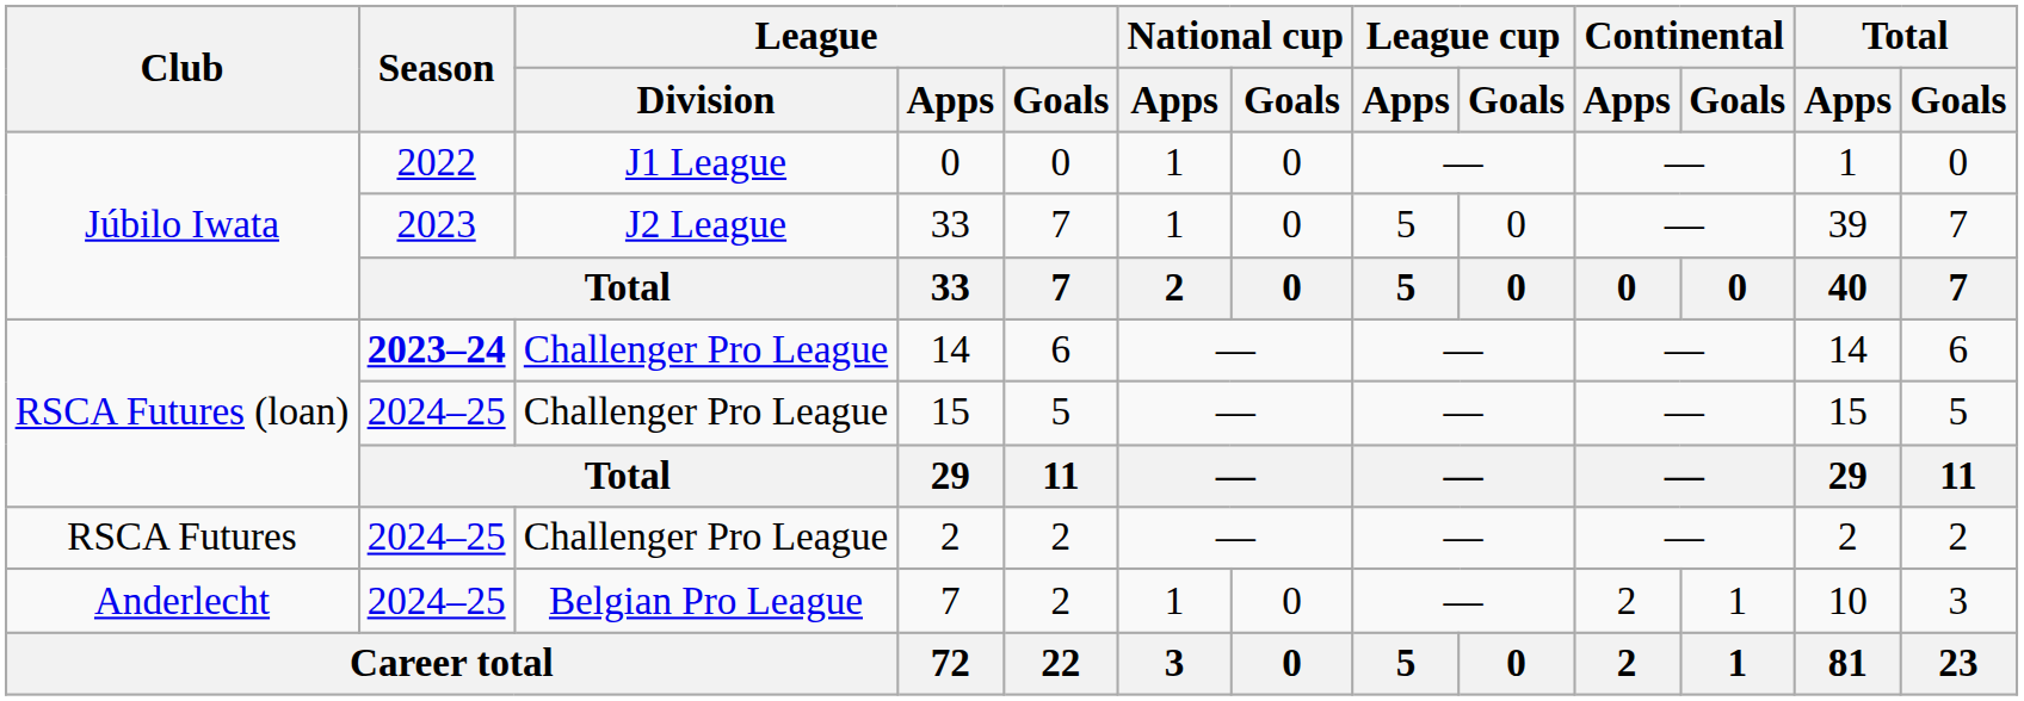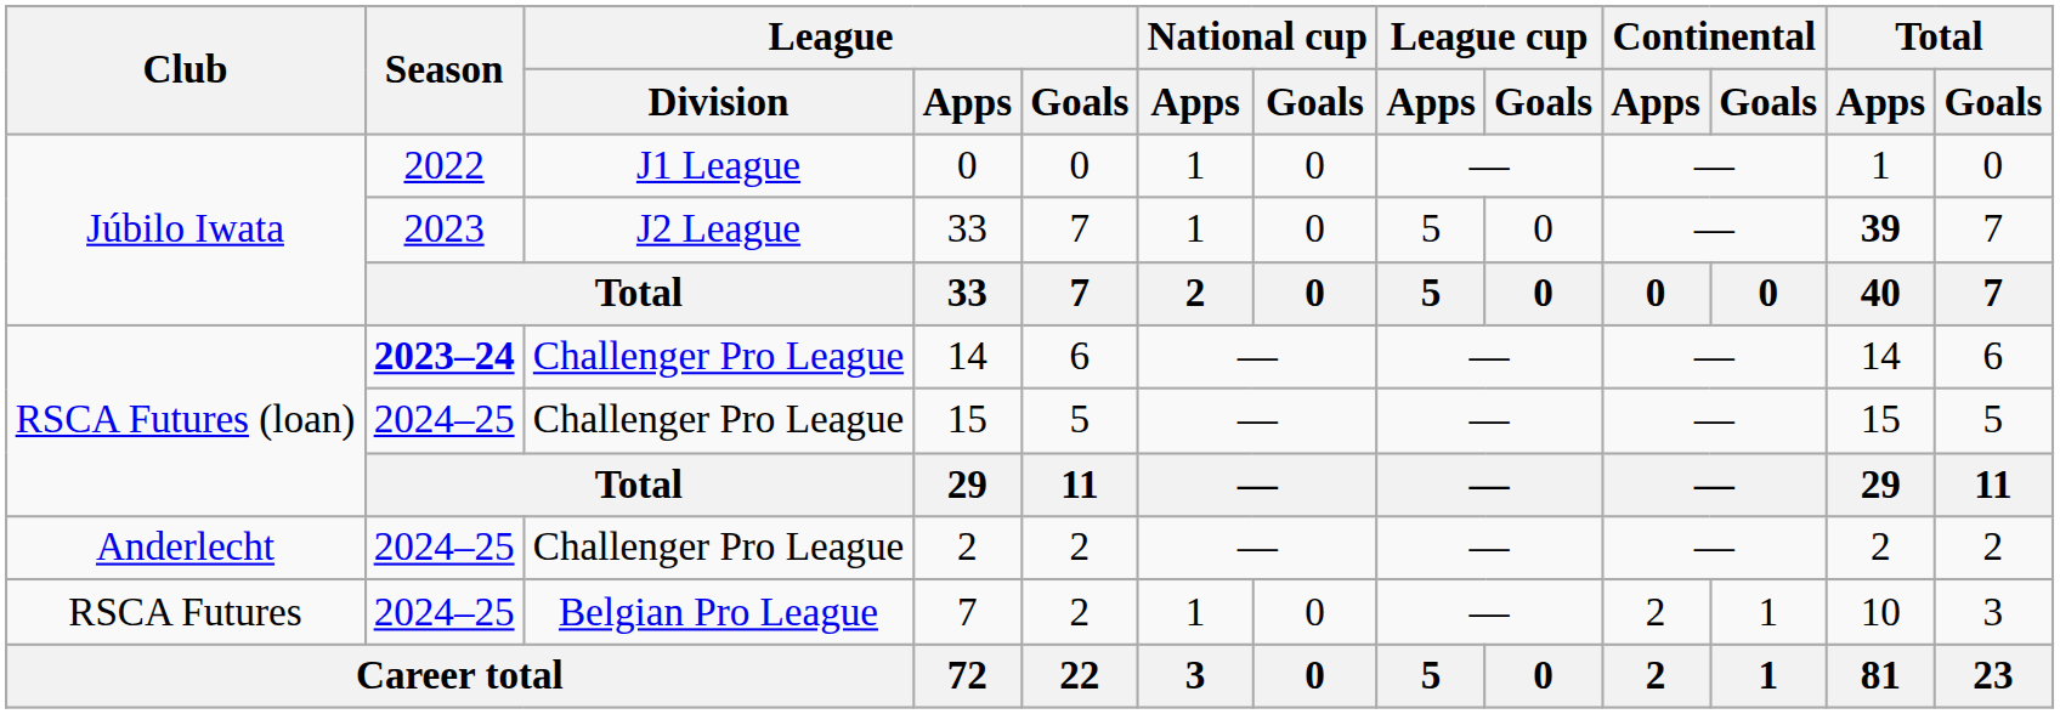 <table class=wikitable style=text-align:center>
 <tr>
 <th rowspan=2>Club</th>
 <th rowspan=2>Season</th>
 <th colspan=3>League</th>
 <th colspan=2>National cup</th>
 <th colspan=2>League cup</th>
 <th colspan=2>Continental</th>
 <th colspan=2>Total</th>
 </tr>
 <tr>
 <th>Division</th>
 <th>Apps</th>
 <th>Goals</th>
 <th>Apps</th>
 <th>Goals</th>
 <th>Apps</th>
 <th>Goals</th>
 <th>Apps</th>
 <th>Goals</th>
 <th>Apps</th>
 <th>Goals</th>
 </tr>
 <tr>
 <td rowspan=3><a href='#'>Júbilo Iwata</a></td>
 <td><a href='#'>2022</a></td>
 <td><a href='#'>J1 League</a></td>
 <td>0</td>
 <td>0</td>
 <td>1</td>
 <td>0</td>
 <td colspan="2">—</td>
 <td colspan="2">—</td>
 <td>1</td>
 <td>0</td>
 </tr>
 <tr>
 <td><a href='#'>2023</a></td>
 <td><a href='#'>J2 League</a></td>
 <td>33</td>
 <td>7</td>
 <td>1</td>
 <td>0</td>
 <td>5</td>
 <td>0</td>
 <td colspan="2">—</td>
-<td>39</td>
+<td><strong>39</strong></td>
 <td>7</td>
 </tr>
 <tr>
 <th colspan=2>Total</th>
 <th>33</th>
 <th>7</th>
 <th>2</th>
 <th>0</th>
 <th>5</th>
 <th>0</th>
 <th>0</th>
 <th>0</th>
 <th>40</th>
 <th>7</th>
 </tr>
 <tr>
 <td rowspan="3"><a href='#'>RSCA Futures</a> (loan)</td>
 <td><strong><a href='#'>2023–24</a></strong></td>
 <td><a href='#'>Challenger Pro League</a></td>
 <td>14</td>
 <td>6</td>
 <td colspan="2">—</td>
 <td colspan="2">—</td>
 <td colspan="2">—</td>
 <td>14</td>
 <td>6</td>
 </tr>
 <tr>
 <td><a href='#'>2024–25</a></td>
 <td>Challenger Pro League</td>
 <td>15</td>
 <td>5</td>
 <td colspan="2">—</td>
 <td colspan="2">—</td>
 <td colspan="2">—</td>
 <td>15</td>
 <td>5</td>
 </tr>
 <tr>
 <th colspan=2>Total</th>
 <th>29</th>
 <th>11</th>
 <th colspan="2">—</th>
 <th colspan="2">—</th>
 <th colspan="2">—</th>
 <th>29</th>
 <th>11</th>
 </tr>
 <tr>
-<td>RSCA Futures</td>
+<td><a href='#'>Anderlecht</a></td>
 <td><a href='#'>2024–25</a></td>
 <td>Challenger Pro League</td>
 <td>2</td>
 <td>2</td>
 <td colspan="2">—</td>
 <td colspan="2">—</td>
 <td colspan="2">—</td>
 <td>2</td>
 <td>2</td>
 </tr>
 <tr>
-<td><a href='#'>Anderlecht</a></td>
+<td>RSCA Futures</td>
 <td><a href='#'>2024–25</a></td>
 <td><a href='#'>Belgian Pro League</a></td>
 <td>7</td>
 <td>2</td>
 <td>1</td>
 <td>0</td>
 <td colspan="2">—</td>
 <td>2</td>
 <td>1</td>
 <td>10</td>
 <td>3</td>
 </tr>
 <tr>
 <th colspan=3>Career total</th>
 <th>72</th>
 <th>22</th>
 <th>3</th>
 <th>0</th>
 <th>5</th>
 <th>0</th>
 <th>2</th>
 <th>1</th>
 <th>81</th>
 <th>23</th>
 </tr>
 </table>
